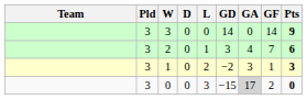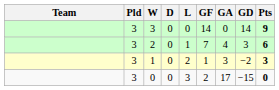 <table class="wikitable" style="text-align:center;">
 <tr>
 <th width=180>Team</th>
 <th width=20>Pld</th>
 <th width=20>W</th>
 <th width=20>D</th>
 <th width=20>L</th>
+<th width=20>GF</th>
+<th width=20>GA</th>
 <th width=20>GD</th>
-<th width=20>GA</th>
-<th width=20>GF</th>
 <th width=20>Pts</th>
 </tr>
 <tr bgcolor="ccffcc">
 <td align="left"></td>
 <td>3</td>
 <td>3</td>
 <td>0</td>
 <td>0</td>
 <td>14</td>
 <td>0</td>
 <td>14</td>
 <td><strong>9</strong></td>
 </tr>
 <tr bgcolor="ccffcc">
 <td align="left"></td>
 <td>3</td>
 <td>2</td>
 <td>0</td>
 <td>1</td>
+<td>7</td>
+<td>4</td>
 <td>3</td>
-<td>4</td>
-<td>7</td>
 <td><strong>6</strong></td>
 </tr>
 <tr bgcolor="ffffcc">
 <td align="left"></td>
 <td>3</td>
 <td>1</td>
 <td>0</td>
 <td>2</td>
+<td>1</td>
+<td>3</td>
 <td>−2</td>
-<td>3</td>
-<td>1</td>
 <td><strong>3</strong></td>
 </tr>
 <tr>
 <td align="left"><em></em></td>
 <td>3</td>
 <td>0</td>
 <td>0</td>
 <td>3</td>
+<td>2</td>
+<td>17</td>
 <td>−15</td>
-<td style="background: lightgrey;">17</td>
-<td>2</td>
 <td><strong>0</strong></td>
 </tr>
 </table>
